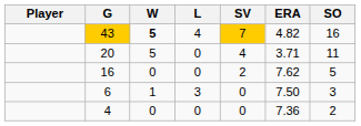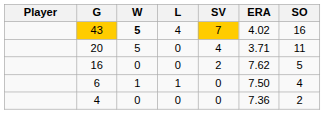 <table class="wikitable sortable">
 <tr>
 <th bgcolor="#DDDDFF" width="16%">Player</th>
 <th bgcolor="#DDDDFF" width="9%">G</th>
 <th bgcolor="#DDDDFF" width="9%">W</th>
 <th bgcolor="#DDDDFF" width="9%">L</th>
 <th bgcolor="#DDDDFF" width="9%">SV</th>
 <th bgcolor="#DDDDFF" width="9%">ERA</th>
 <th bgcolor="#DDDDFF" width="9%">SO</th>
 </tr>
 <tr align="center">
 <td></td>
 <td style="background:#fc0;">43</td>
 <td><strong>5</strong></td>
 <td>4</td>
 <td style="background:#fc0;">7</td>
-<td>4.82</td>
+<td>4.02</td>
 <td>16</td>
 </tr>
 <tr align="center">
 <td></td>
 <td>20</td>
 <td>5</td>
 <td>0</td>
 <td>4</td>
 <td>3.71</td>
 <td>11</td>
 </tr>
 <tr align="center">
 <td></td>
 <td>16</td>
 <td>0</td>
 <td>0</td>
 <td>2</td>
 <td>7.62</td>
 <td>5</td>
 </tr>
 <tr align="center">
 <td></td>
 <td>6</td>
 <td>1</td>
-<td>3</td>
+<td>1</td>
 <td>0</td>
 <td>7.50</td>
-<td>3</td>
+<td>4</td>
 </tr>
 <tr align="center">
 <td></td>
 <td>4</td>
 <td>0</td>
 <td>0</td>
 <td>0</td>
 <td>7.36</td>
 <td>2</td>
 </tr>
 </table>
